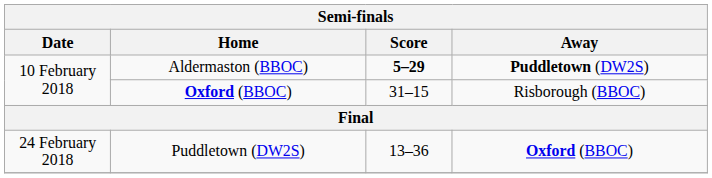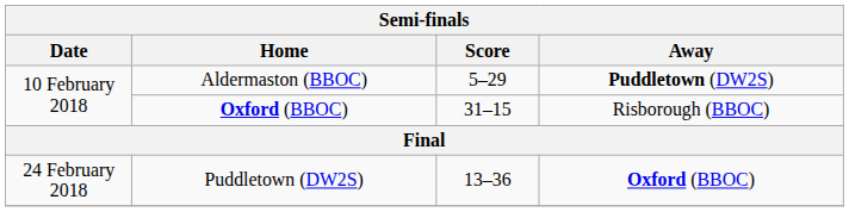 <table class="wikitable" style="text-align: center">
 <tr>
 <th colspan=4>Semi-finals</th>
 </tr>
 <tr>
 <th width=100>Date</th>
 <th width=250>Home</th>
 <th width=80>Score</th>
 <th width=250>Away</th>
 </tr>
 <tr>
 <td rowspan=2>10 February 2018</td>
 <td>Aldermaston (<a href='#'>BBOC</a>)</td>
-<td><strong>5–29</strong></td>
+<td>5–29</td>
 <td><strong>Puddletown</strong> (<a href='#'>DW2S</a>)</td>
 </tr>
 <tr>
 <td><strong><a href='#'>Oxford</a></strong> (<a href='#'>BBOC</a>)</td>
 <td>31–15</td>
 <td>Risborough (<a href='#'>BBOC</a>)</td>
 </tr>
 <tr>
 <th colspan=4>Final</th>
 </tr>
 <tr>
 <td>24 February 2018</td>
 <td>Puddletown (<a href='#'>DW2S</a>)</td>
 <td>13–36</td>
 <td><strong><a href='#'>Oxford</a></strong> (<a href='#'>BBOC</a>)</td>
 </tr>
 <tr>
 </tr>
 </table>
